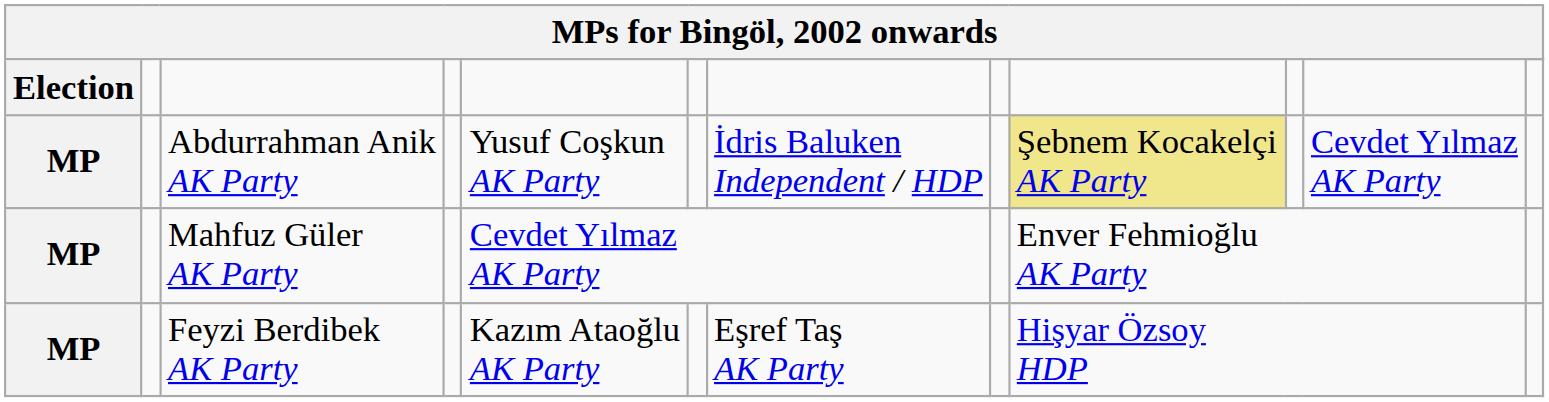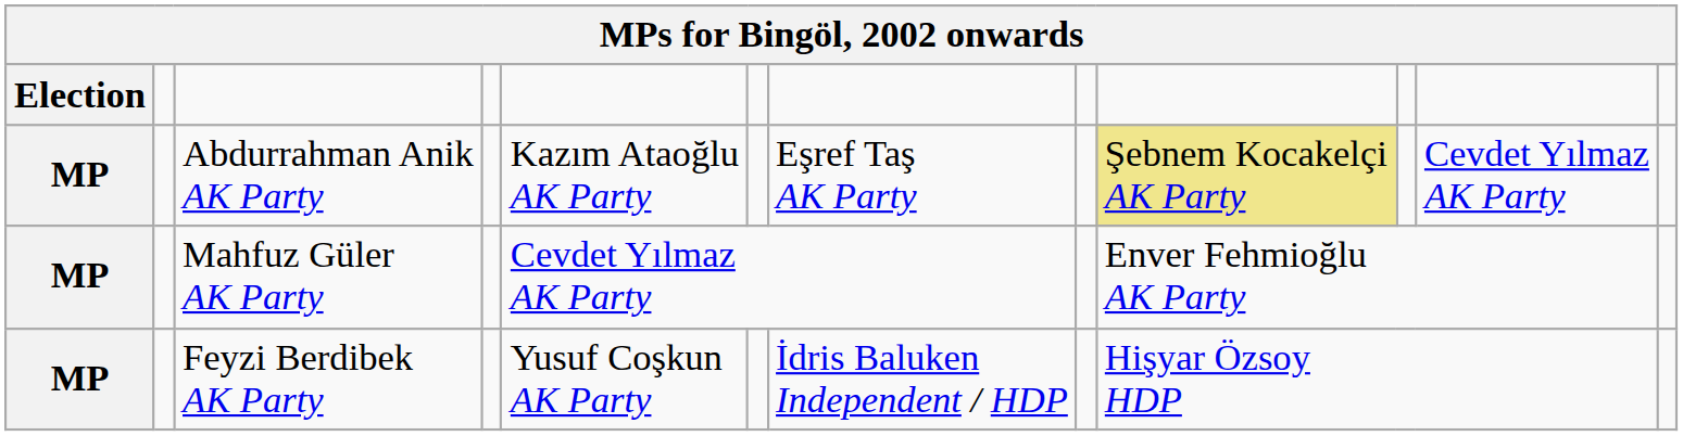 <table class="wikitable">
 <tr>
 <th colspan = 12>MPs for Bingöl, 2002 onwards</th>
 </tr>
 <tr>
 <th rowspan = 2>Election</th>
 <td rowspan="2" style="width:1px;"></td>
 <td rowspan = 2></td>
 <td rowspan="2" style="width:1px;"></td>
 <td rowspan = 2></td>
 <td rowspan="2" style="width:1px;"></td>
 <td rowspan = 2></td>
 <td rowspan="2" style="width:1px;"></td>
 <td rowspan = 2></td>
 <td rowspan="2" style="width:1px;"></td>
 <td rowspan = 2></td>
 </tr>
 <tr>
 <td></td>
 </tr>
 <tr>
 <th>MP</th>
 <td width=1px style="background-color: "></td>
 <td colspan = 1>Abdurrahman Anik<br><em><a href='#'>AK Party</a></em></td>
 <td width=1px style="background-color: "></td>
-<td colspan = 1>Yusuf Coşkun<br><em><a href='#'>AK Party</a></em></td>
+<td colspan = 1>Kazım Ataoğlu<br><em><a href='#'>AK Party</a></em></td>
 <td width=1px style="background-color: "></td>
-<td colspan = 1><a href='#'>İdris Baluken</a><br><em><a href='#'>Independent</a> / <a href='#'>HDP</a></em></td>
+<td colspan = 1>Eşref Taş<br><em><a href='#'>AK Party</a></em></td>
 <td width=1px style="background-color: "></td>
 <td colspan = 1 style="background: khaki;">Şebnem Kocakelçi<br><em><a href='#'>AK Party</a></em></td>
 <td width=1px style="background-color: "></td>
 <td colspan = 1><a href='#'>Cevdet Yılmaz</a><br><em><a href='#'>AK Party</a></em></td>
 <td width=1px style="background-color: "></td>
 </tr>
 <tr>
 <th>MP</th>
 <td width=1px style="background-color: "></td>
 <td colspan = 1>Mahfuz Güler<br><em><a href='#'>AK Party</a></em></td>
 <td width=1px style="background-color: "></td>
 <td colspan = 3><a href='#'>Cevdet Yılmaz</a><br><em><a href='#'>AK Party</a></em></td>
 <td width=1px style="background-color: "></td>
 <td colspan = 3>Enver Fehmioğlu<br><em><a href='#'>AK Party</a></em></td>
 <td width=1px style="background-color: "></td>
 </tr>
 <tr>
 <th>MP</th>
 <td width=1px style="background-color: "></td>
 <td colspan = 1>Feyzi Berdibek<br><em><a href='#'>AK Party</a></em></td>
 <td width=1px style="background-color: "></td>
-<td colspan = 1>Kazım Ataoğlu<br><em><a href='#'>AK Party</a></em></td>
+<td colspan = 1>Yusuf Coşkun<br><em><a href='#'>AK Party</a></em></td>
 <td width=1px style="background-color: "></td>
-<td colspan = 1>Eşref Taş<br><em><a href='#'>AK Party</a></em></td>
+<td colspan = 1><a href='#'>İdris Baluken</a><br><em><a href='#'>Independent</a> / <a href='#'>HDP</a></em></td>
 <td width=1px style="background-color: "></td>
 <td colspan = 3><a href='#'>Hişyar Özsoy</a><br><em><a href='#'>HDP</a></em></td>
 <td width=1px style="background-color: "></td>
 </tr>
 </table>
